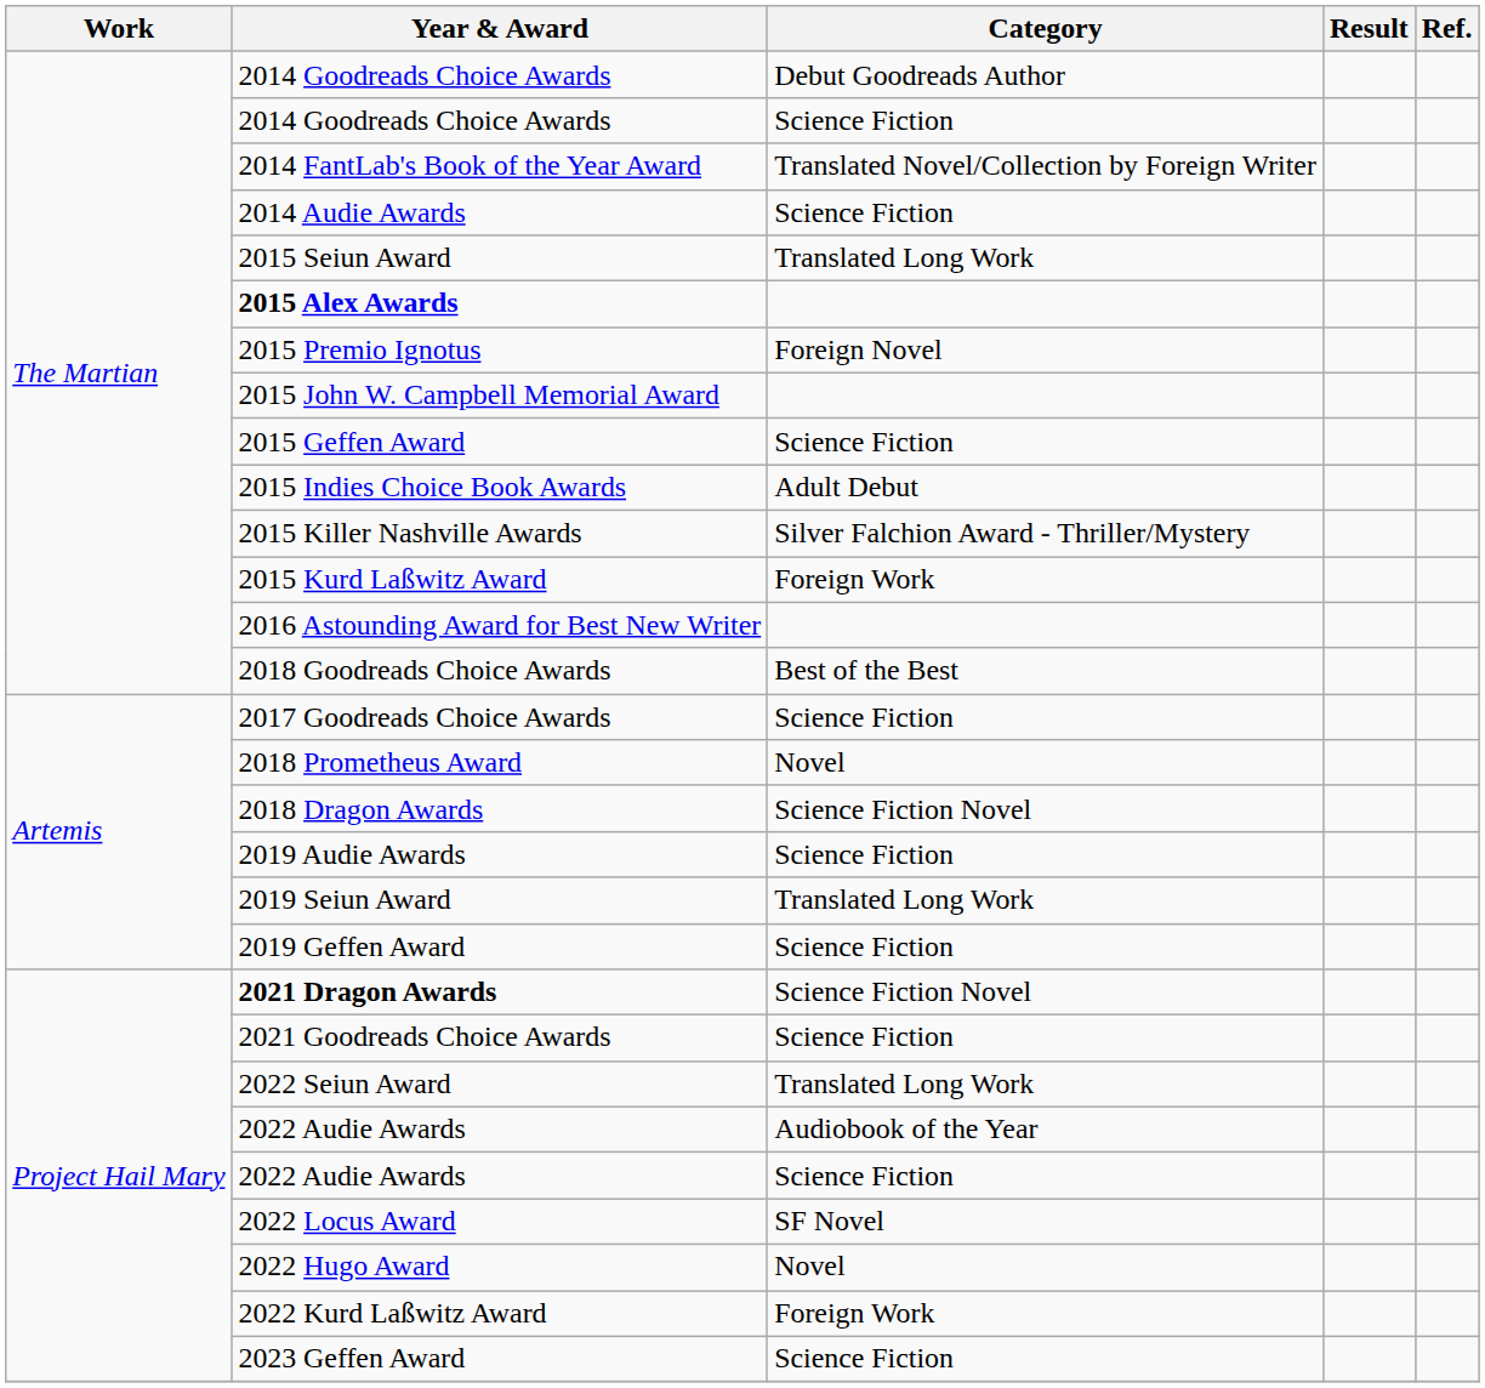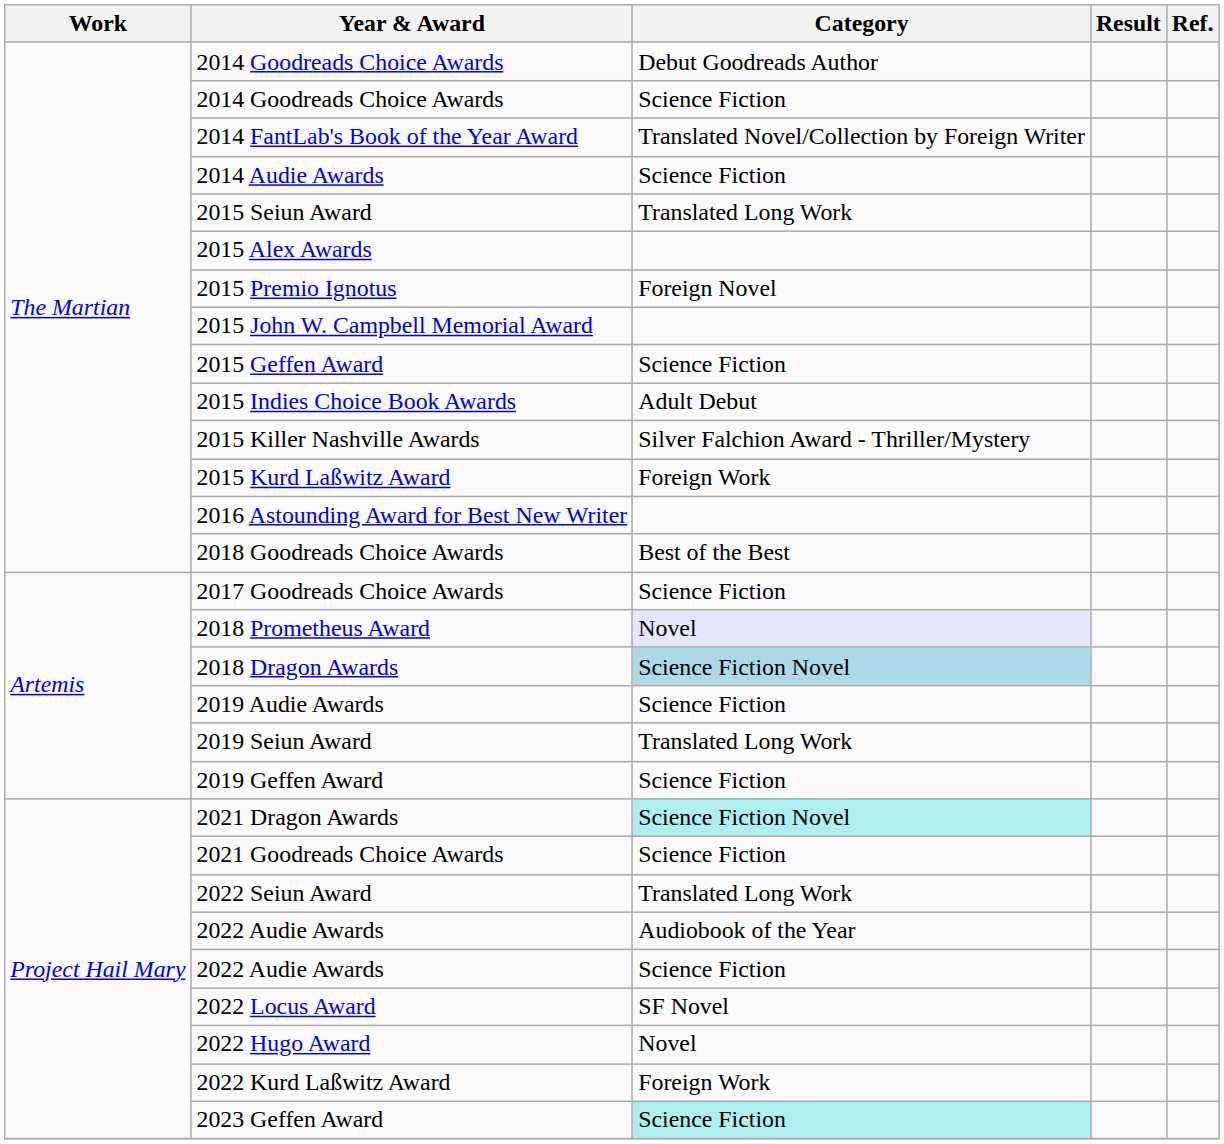 <table class="wikitable">
 <tr>
 <th>Work</th>
 <th>Year & Award</th>
 <th>Category</th>
 <th>Result</th>
 <th>Ref.</th>
 </tr>
 <tr>
 <td rowspan="14"><em><a href='#'>The Martian</a></em></td>
 <td>2014 <a href='#'>Goodreads Choice Awards</a></td>
 <td>Debut Goodreads Author</td>
 <td></td>
 <td></td>
 </tr>
 <tr>
 <td>2014 Goodreads Choice Awards</td>
 <td>Science Fiction</td>
 <td></td>
 <td></td>
 </tr>
 <tr>
 <td>2014 <a href='#'>FantLab's Book of the Year Award</a></td>
 <td>Translated Novel/Collection by Foreign Writer</td>
 <td></td>
 <td></td>
 </tr>
 <tr>
 <td>2014 <a href='#'>Audie Awards</a></td>
 <td>Science Fiction</td>
 <td></td>
 <td></td>
 </tr>
 <tr>
 <td>2015 Seiun Award</td>
 <td>Translated Long Work</td>
 <td></td>
 <td></td>
 </tr>
 <tr>
-<td><strong>2015 <a href='#'>Alex Awards</a></strong></td>
+<td>2015 <a href='#'>Alex Awards</a></td>
 <td></td>
 <td></td>
 <td></td>
 </tr>
 <tr>
 <td>2015 <a href='#'>Premio Ignotus</a></td>
 <td>Foreign Novel</td>
 <td></td>
 <td></td>
 </tr>
 <tr>
 <td>2015 <a href='#'>John W. Campbell Memorial Award</a></td>
 <td></td>
 <td></td>
 <td></td>
 </tr>
 <tr>
 <td>2015 <a href='#'>Geffen Award</a></td>
 <td>Science Fiction</td>
 <td></td>
 <td></td>
 </tr>
 <tr>
 <td>2015 <a href='#'>Indies Choice Book Awards</a></td>
 <td>Adult Debut</td>
 <td></td>
 <td></td>
 </tr>
 <tr>
 <td>2015 Killer Nashville Awards</td>
 <td>Silver Falchion Award - Thriller/Mystery</td>
 <td></td>
 <td></td>
 </tr>
 <tr>
 <td>2015 <a href='#'>Kurd Laßwitz Award</a></td>
 <td>Foreign Work</td>
 <td></td>
 <td></td>
 </tr>
 <tr>
 <td>2016 <a href='#'>Astounding Award for Best New Writer</a></td>
 <td></td>
 <td></td>
 <td></td>
 </tr>
 <tr>
 <td>2018 Goodreads Choice Awards</td>
 <td>Best of the Best</td>
 <td></td>
 <td></td>
 </tr>
 <tr>
 <td rowspan="6"><em><a href='#'>Artemis</a></em></td>
 <td>2017 Goodreads Choice Awards</td>
 <td>Science Fiction</td>
 <td></td>
 <td></td>
 </tr>
 <tr>
 <td>2018 <a href='#'>Prometheus Award</a></td>
-<td>Novel</td>
+<td style="background: lavender;">Novel</td>
 <td></td>
 <td></td>
 </tr>
 <tr>
 <td>2018 <a href='#'>Dragon Awards</a></td>
-<td>Science Fiction Novel</td>
+<td style="background: lightblue;">Science Fiction Novel</td>
 <td></td>
 <td></td>
 </tr>
 <tr>
 <td>2019 Audie Awards</td>
 <td>Science Fiction</td>
 <td></td>
 <td></td>
 </tr>
 <tr>
 <td>2019 Seiun Award</td>
 <td>Translated Long Work</td>
 <td></td>
 <td></td>
 </tr>
 <tr>
 <td>2019 Geffen Award</td>
 <td>Science Fiction</td>
 <td></td>
 <td></td>
 </tr>
 <tr>
 <td rowspan="9"><em><a href='#'>Project Hail Mary</a></em></td>
-<td><strong>2021 Dragon Awards</strong></td>
-<td>Science Fiction Novel</td>
+<td>2021 Dragon Awards</td>
+<td style="background: paleturquoise;">Science Fiction Novel</td>
 <td></td>
 <td></td>
 </tr>
 <tr>
 <td>2021 Goodreads Choice Awards</td>
 <td>Science Fiction</td>
 <td></td>
 <td></td>
 </tr>
 <tr>
 <td>2022 Seiun Award</td>
 <td>Translated Long Work</td>
 <td></td>
 <td></td>
 </tr>
 <tr>
 <td>2022 Audie Awards</td>
 <td>Audiobook of the Year</td>
 <td></td>
 <td></td>
 </tr>
 <tr>
 <td>2022 Audie Awards</td>
 <td>Science Fiction</td>
 <td></td>
 <td></td>
 </tr>
 <tr>
 <td>2022 <a href='#'>Locus Award</a></td>
 <td>SF Novel</td>
 <td></td>
 <td></td>
 </tr>
 <tr>
 <td>2022 <a href='#'>Hugo Award</a></td>
 <td>Novel</td>
 <td></td>
 <td></td>
 </tr>
 <tr>
 <td>2022 Kurd Laßwitz Award</td>
 <td>Foreign Work</td>
 <td></td>
 <td></td>
 </tr>
 <tr>
 <td>2023 Geffen Award</td>
-<td>Science Fiction</td>
+<td style="background: paleturquoise;">Science Fiction</td>
 <td></td>
 <td></td>
 </tr>
 <tr>
 </tr>
 </table>
